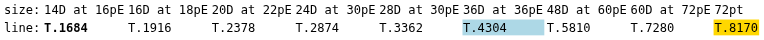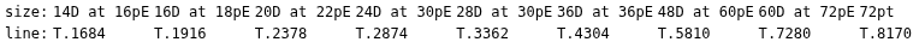 <table style="margin-left:40px;">
 <tr>
 <td>size:</td>
 <td>14D at 16pE</td>
 <td>16D at 18pE</td>
 <td>20D at 22pE</td>
 <td>24D at 30pE</td>
 <td>28D at 30pE</td>
 <td>36D at 36pE</td>
 <td>48D at 60pE</td>
 <td>60D at 72pE</td>
 <td>72pt</td>
 </tr>
 <tr>
 <td>line:</td>
-<td><strong>T.1684</strong></td>
+<td>T.1684</td>
 <td>T.1916</td>
 <td>T.2378</td>
 <td>T.2874</td>
 <td>T.3362</td>
-<td style="background: lightblue;">T.4304</td>
+<td>T.4304</td>
 <td>T.5810</td>
 <td>T.7280</td>
-<td style="background: gold;">T.8170</td>
+<td>T.8170</td>
 </tr>
 </table>
